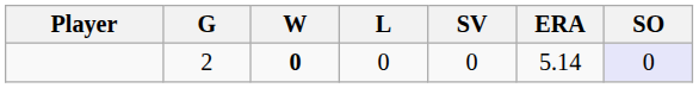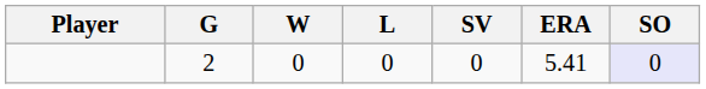 <table class="wikitable sortable">
 <tr>
 <th bgcolor="#DDDDFF" width="16%">Player</th>
 <th bgcolor="#DDDDFF" width="9%">G</th>
 <th bgcolor="#DDDDFF" width="9%">W</th>
 <th bgcolor="#DDDDFF" width="9%">L</th>
 <th bgcolor="#DDDDFF" width="9%">SV</th>
 <th bgcolor="#DDDDFF" width="9%">ERA</th>
 <th bgcolor="#DDDDFF" width="9%">SO</th>
 </tr>
 <tr align="center">
 <td></td>
 <td>2</td>
-<td><strong>0</strong></td>
 <td>0</td>
 <td>0</td>
-<td>5.14</td>
+<td>0</td>
+<td>5.41</td>
 <td style="background: lavender;">0</td>
 </tr>
 </table>
